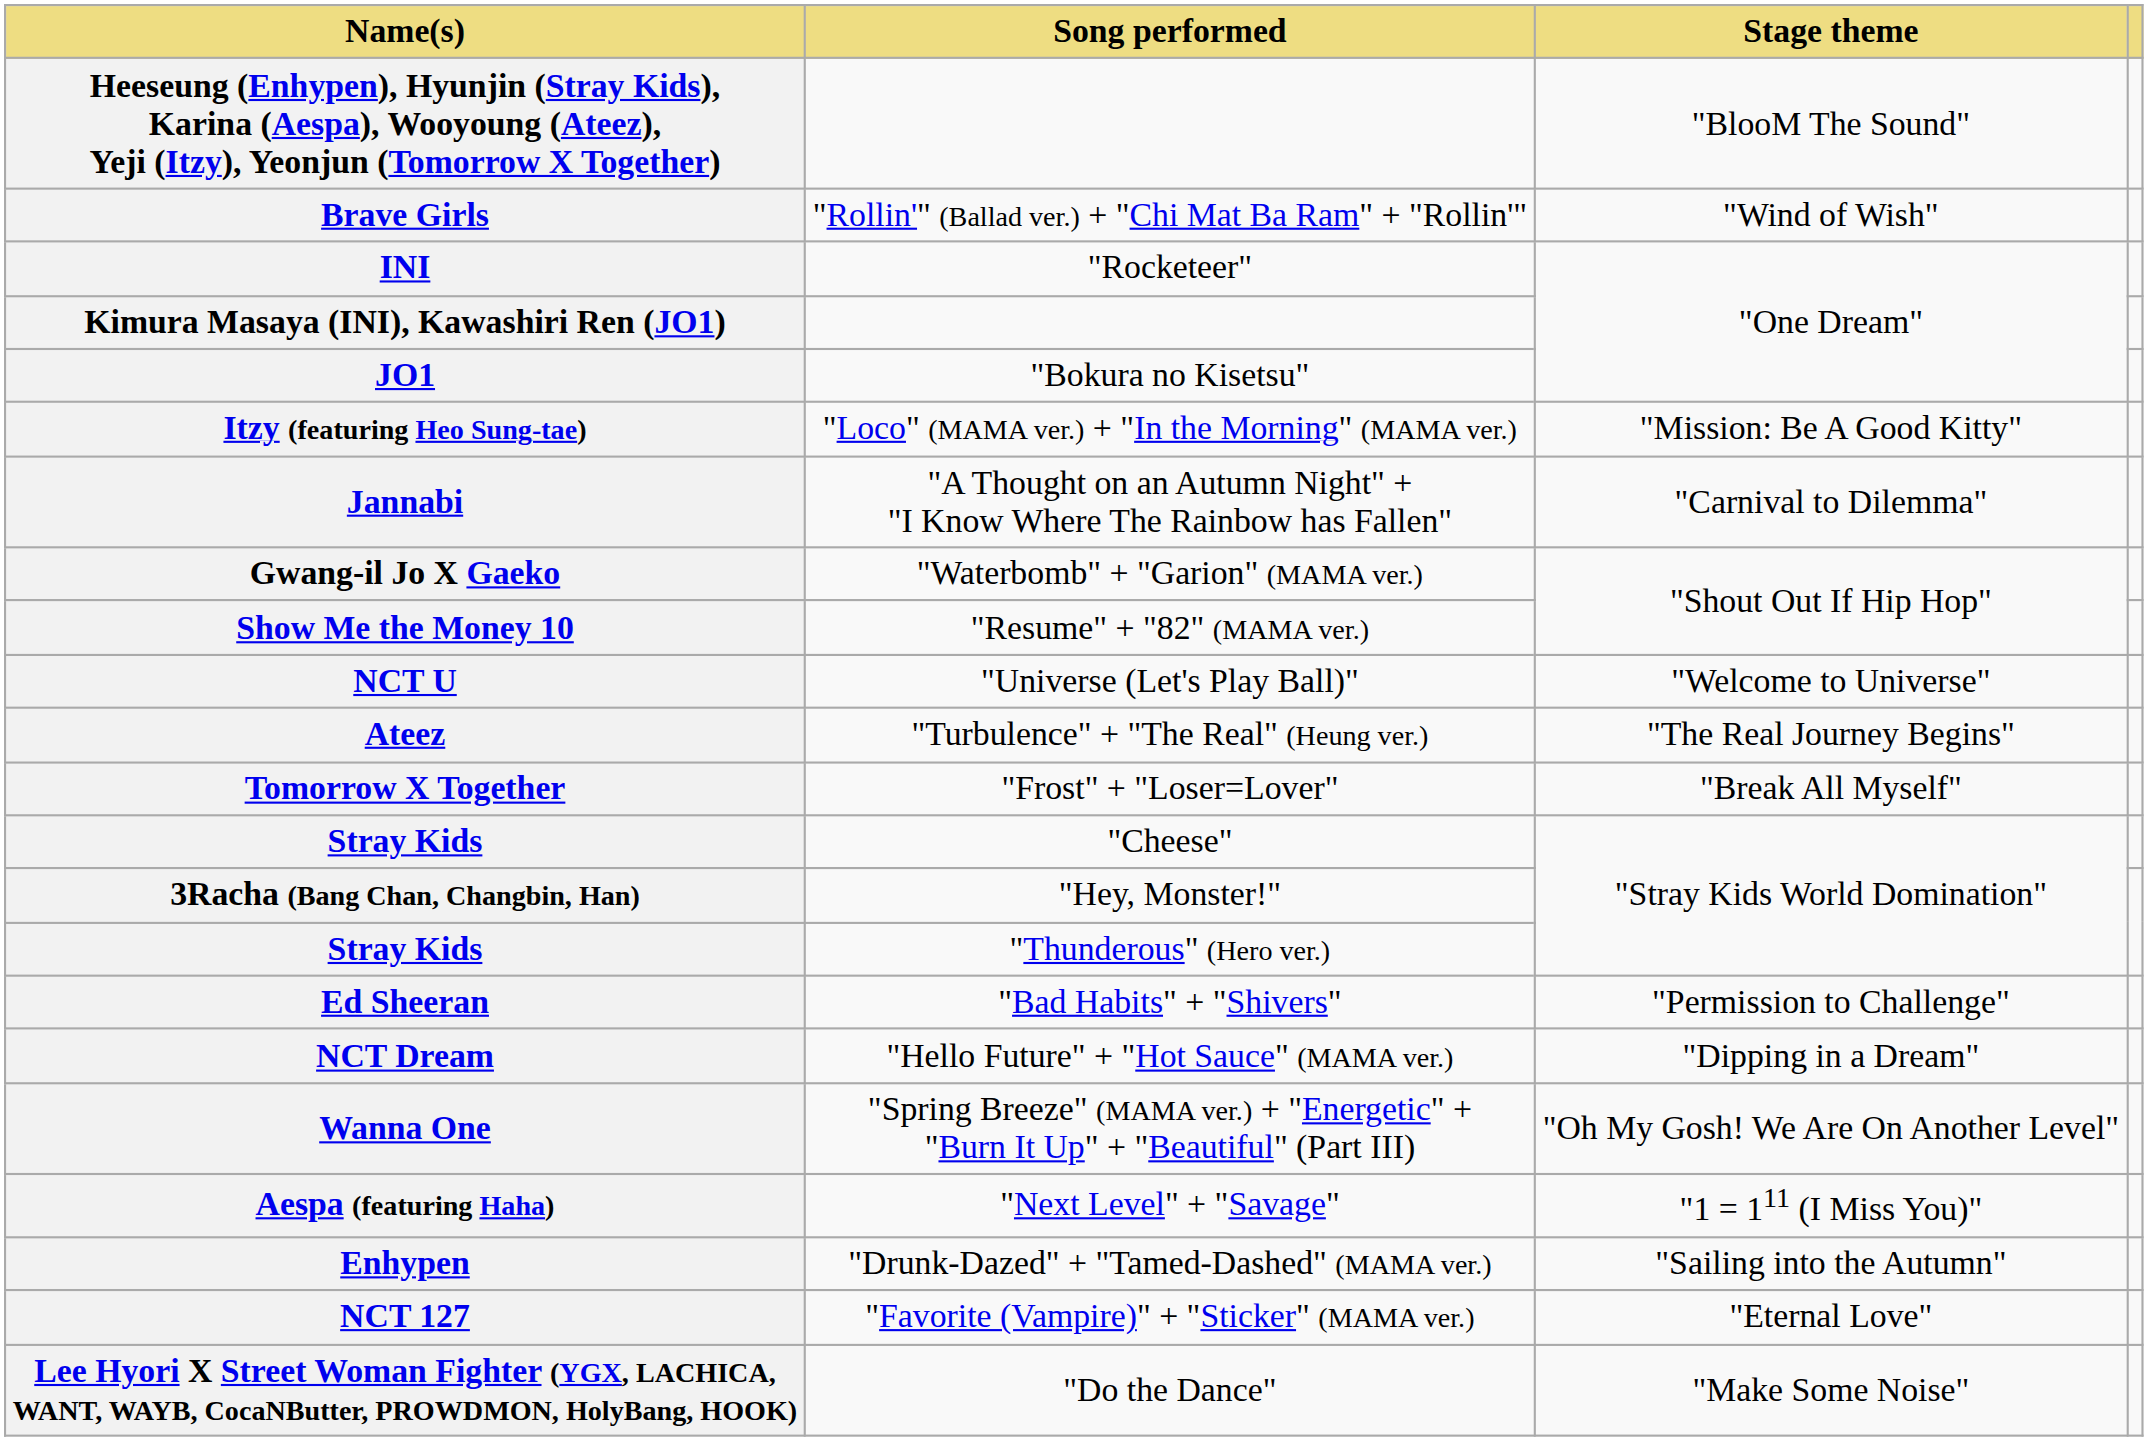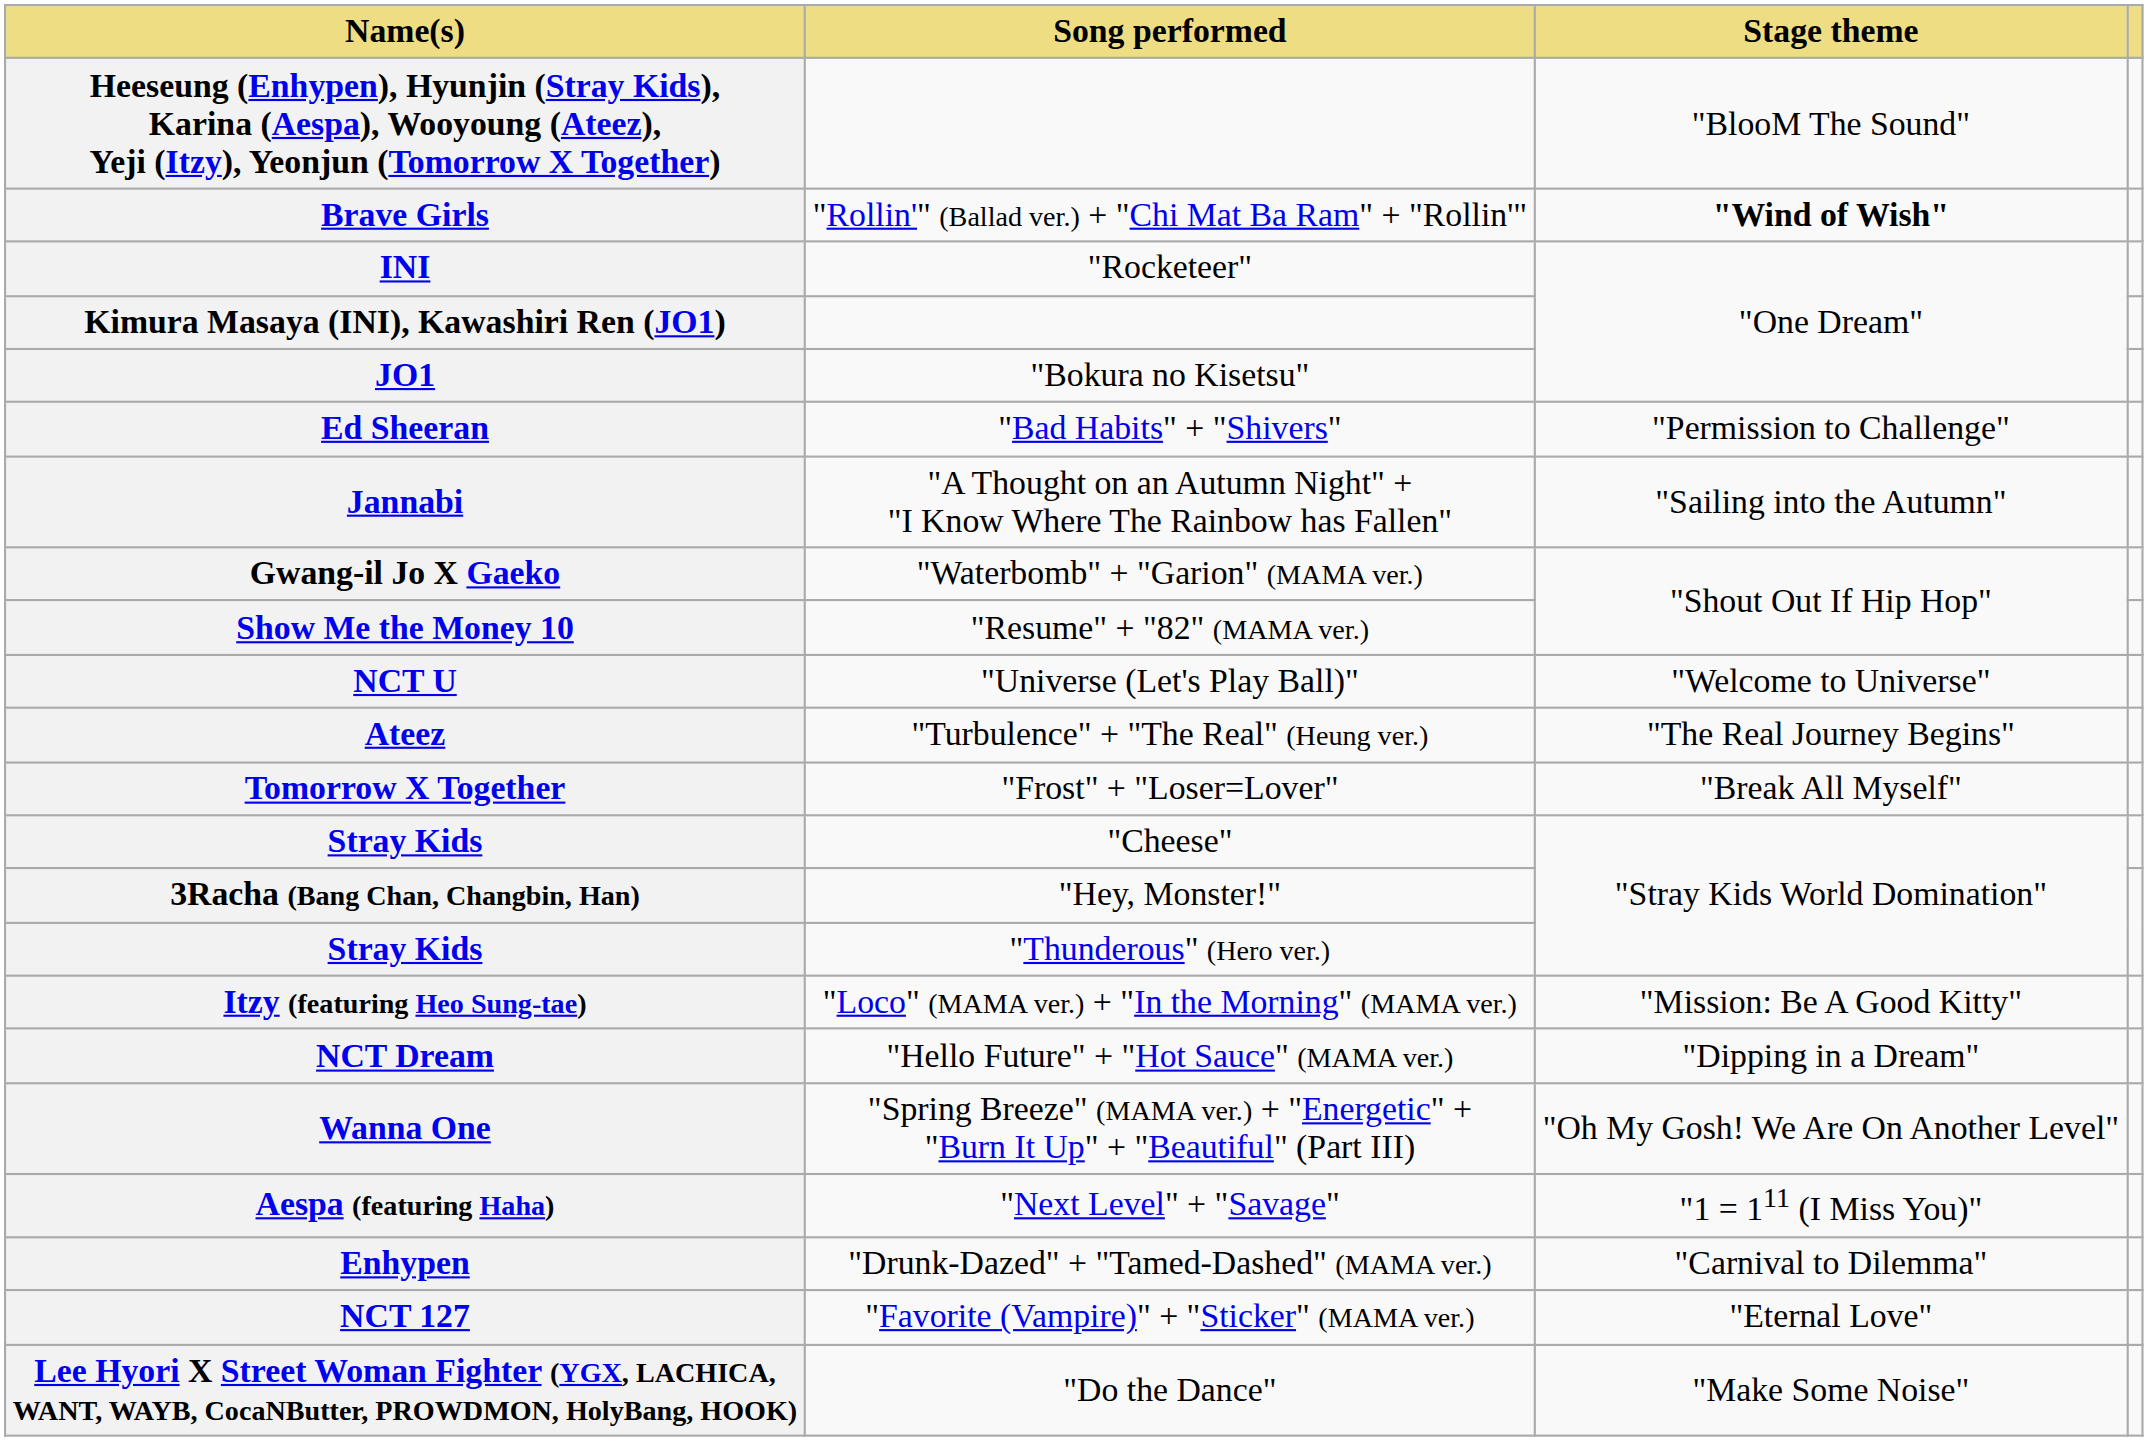 <table class="wikitable plainrowheaders" style="text-align:center">
 <tr>
 <th scope="col" style="background:#EEDD82;">Name(s)</th>
 <th scope="col" style="background:#EEDD82;">Song performed</th>
 <th scope="col" style="background:#EEDD82;">Stage theme</th>
 <th scope="col" style="background:#EEDD82;"></th>
 </tr>
 <tr>
 <th scope="row">Heeseung (<a href='#'>Enhypen</a>), Hyunjin (<a href='#'>Stray Kids</a>),  <br> Karina (<a href='#'>Aespa</a>), Wooyoung (<a href='#'>Ateez</a>),  <br> Yeji (<a href='#'>Itzy</a>), Yeonjun (<a href='#'>Tomorrow X Together</a>)</th>
 <td></td>
 <td>"BlooM The Sound"</td>
 <td></td>
 </tr>
 <tr>
 <th scope="row"><a href='#'>Brave Girls</a></th>
 <td>"<a href='#'>Rollin'</a>" <small>(Ballad ver.)</small> + "<a href='#'>Chi Mat Ba Ram</a>" + "Rollin'"</td>
-<td>"Wind of Wish"</td>
+<td><strong>"Wind of Wish"</strong></td>
 <td></td>
 </tr>
 <tr>
 <th scope="row"><a href='#'>INI</a></th>
 <td>"Rocketeer"</td>
 <td rowspan="3">"One Dream"</td>
 <td></td>
 </tr>
 <tr>
 <th scope="row">Kimura Masaya (INI), Kawashiri Ren (<a href='#'>JO1</a>)</th>
 <td></td>
 <td></td>
 </tr>
 <tr>
 <th scope="row"><a href='#'>JO1</a></th>
 <td>"Bokura no Kisetsu"</td>
 <td></td>
 </tr>
 <tr>
-<th scope="row"><a href='#'>Itzy</a> <small>(featuring <a href='#'>Heo Sung-tae</a>)</small></th>
-<td>"<a href='#'>Loco</a>" <small>(MAMA ver.)</small> + "<a href='#'>In the Morning</a>" <small>(MAMA ver.)</small></td>
-<td>"Mission: Be A Good Kitty"</td>
+<th scope="row"><a href='#'>Ed Sheeran</a></th>
+<td>"<a href='#'>Bad Habits</a>" + "<a href='#'>Shivers</a>"</td>
+<td>"Permission to Challenge"</td>
 <td></td>
 </tr>
 <tr>
 <th scope="row"><a href='#'>Jannabi</a></th>
 <td>"A Thought on an Autumn Night" + <br> "I Know Where The Rainbow has Fallen"</td>
-<td>"Carnival to Dilemma"</td>
+<td>"Sailing into the Autumn"</td>
 <td></td>
 </tr>
 <tr>
 <th scope="row">Gwang-il Jo X <a href='#'>Gaeko</a></th>
 <td>"Waterbomb" + "Garion" <small>(MAMA ver.)</small></td>
 <td rowspan="2">"Shout Out If Hip Hop"</td>
 <td></td>
 </tr>
 <tr>
 <th scope="row"><a href='#'>Show Me the Money 10</a></th>
 <td>"Resume" + "82" <small>(MAMA ver.)</small></td>
 <td></td>
 </tr>
 <tr>
 <th scope="row"><a href='#'>NCT U</a></th>
 <td>"Universe (Let's Play Ball)"</td>
 <td>"Welcome to Universe"</td>
 <td></td>
 </tr>
 <tr>
 <th scope="row"><a href='#'>Ateez</a></th>
 <td>"Turbulence" + "The Real" <small>(Heung ver.)</small></td>
 <td>"The Real Journey Begins"</td>
 <td></td>
 </tr>
 <tr>
 <th scope="row"><a href='#'>Tomorrow X Together</a></th>
 <td>"Frost" + "Loser=Lover"</td>
 <td>"Break All Myself"</td>
 <td></td>
 </tr>
 <tr>
 <th scope="row"><a href='#'>Stray Kids</a></th>
 <td>"Cheese"</td>
 <td rowspan="3">"Stray Kids World Domination"</td>
 <td></td>
 </tr>
 <tr>
 <th scope="row">3Racha <small>(Bang Chan, Changbin, Han)</small></th>
 <td>"Hey, Monster!"</td>
 <td rowspan="2"></td>
 </tr>
 <tr>
 <th scope="row"><a href='#'>Stray Kids</a></th>
 <td>"<a href='#'>Thunderous</a>" <small>(Hero ver.)</small></td>
 </tr>
 <tr>
-<th scope="row"><a href='#'>Ed Sheeran</a></th>
-<td>"<a href='#'>Bad Habits</a>" + "<a href='#'>Shivers</a>"</td>
-<td>"Permission to Challenge"</td>
+<th scope="row"><a href='#'>Itzy</a> <small>(featuring <a href='#'>Heo Sung-tae</a>)</small></th>
+<td>"<a href='#'>Loco</a>" <small>(MAMA ver.)</small> + "<a href='#'>In the Morning</a>" <small>(MAMA ver.)</small></td>
+<td>"Mission: Be A Good Kitty"</td>
 <td></td>
 </tr>
 <tr>
 <th scope="row"><a href='#'>NCT Dream</a></th>
 <td>"Hello Future" + "<a href='#'>Hot Sauce</a>" <small>(MAMA ver.)</small></td>
 <td>"Dipping in a Dream"</td>
 <td></td>
 </tr>
 <tr>
 <th scope="row"><a href='#'>Wanna One</a></th>
 <td>"Spring Breeze" <small>(MAMA ver.)</small> + "<a href='#'>Energetic</a>" + <br> "<a href='#'>Burn It Up</a>" + "<a href='#'>Beautiful</a>" (Part III)</td>
 <td>"Oh My Gosh! We Are On Another Level"</td>
 <td></td>
 </tr>
 <tr>
 <th scope="row"><a href='#'>Aespa</a> <small>(featuring <a href='#'>Haha</a>)</small></th>
 <td>"<a href='#'>Next Level</a>" + "<a href='#'>Savage</a>"</td>
 <td>"1 = 1<sup>11</sup> (I Miss You)"</td>
 <td></td>
 </tr>
 <tr>
 <th scope="row"><a href='#'>Enhypen</a></th>
 <td>"Drunk-Dazed" + "Tamed-Dashed" <small>(MAMA ver.)</small></td>
-<td>"Sailing into the Autumn"</td>
+<td>"Carnival to Dilemma"</td>
 <td></td>
 </tr>
 <tr>
 <th scope="row"><a href='#'>NCT 127</a></th>
 <td>"<a href='#'>Favorite (Vampire)</a>" + "<a href='#'>Sticker</a>" <small>(MAMA ver.)</small></td>
 <td>"Eternal Love"</td>
 <td></td>
 </tr>
 <tr>
 <th scope="row"><a href='#'>Lee Hyori</a> X <a href='#'>Street Woman Fighter</a> <small>(<a href='#'>YGX</a>, LACHICA,  <br> WANT, WAYB, CocaNButter, PROWDMON, HolyBang, HOOK)</small></th>
 <td>"Do the Dance"</td>
 <td>"Make Some Noise"</td>
 <td></td>
 </tr>
 </table>
